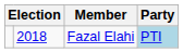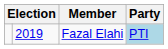 <table class="wikitable">
 <tr>
 <th colspan="2">Election</th>
 <th>Member</th>
 <th>Party</th>
 </tr>
 <tr>
 <td style="background-color: "></td>
-<td><a href='#'>2018</a></td>
+<td><a href='#'>2019</a></td>
 <td><a href='#'>Fazal Elahi</a></td>
 <td style="background: lightblue;"><a href='#'>PTI</a></td>
 </tr>
 </table>
